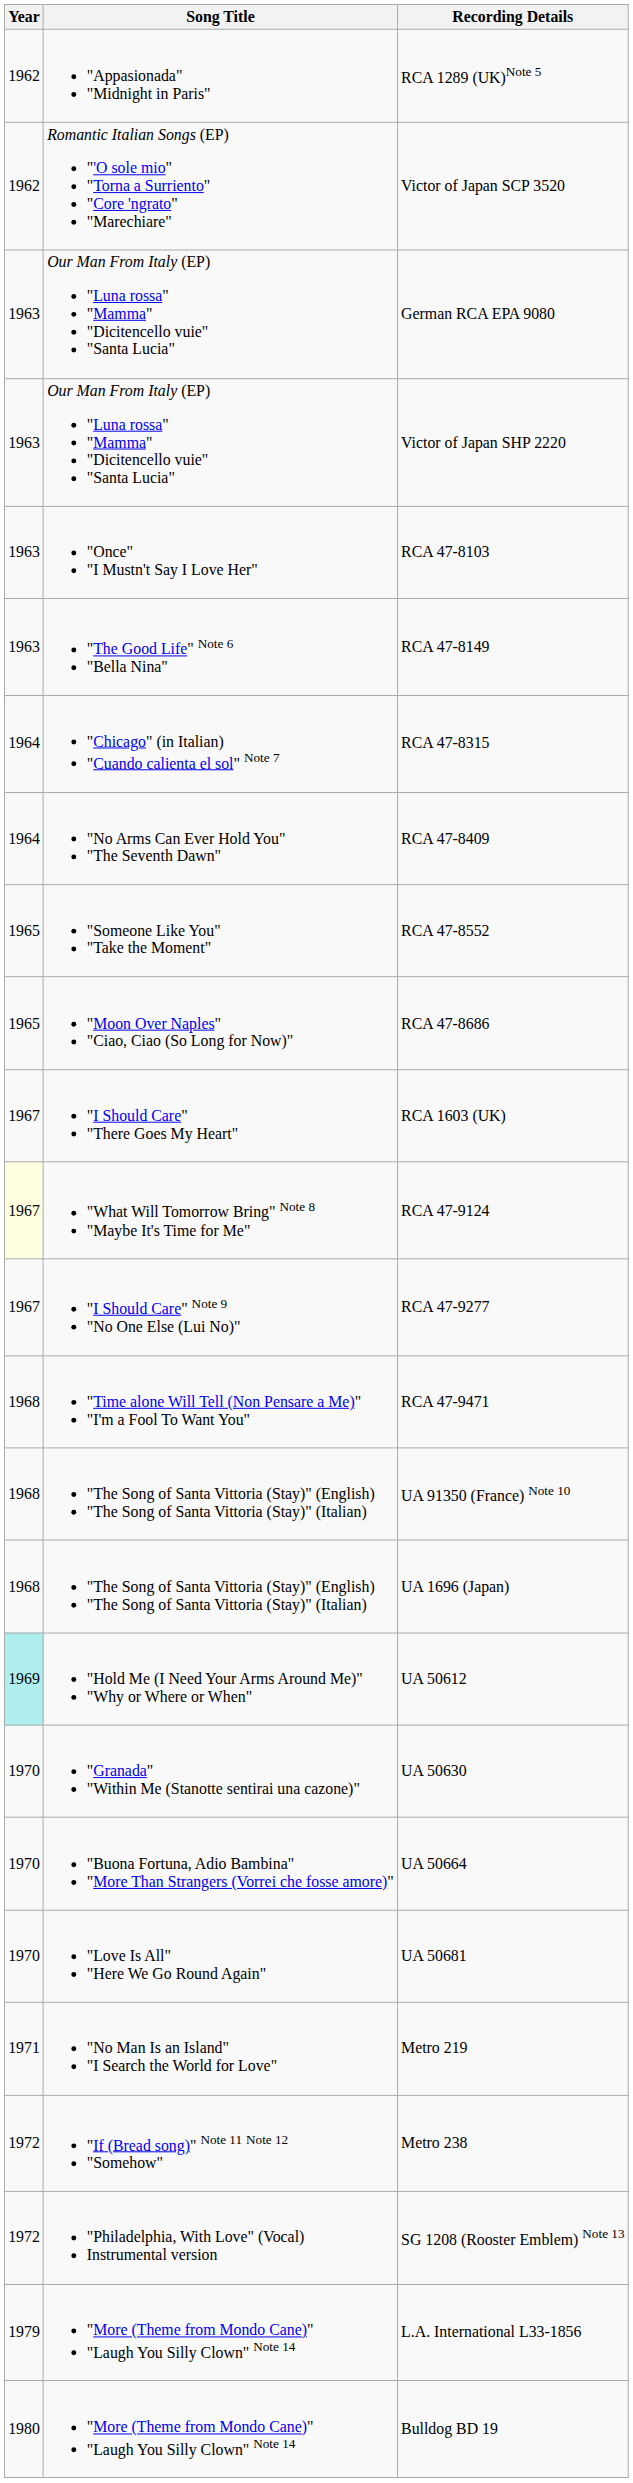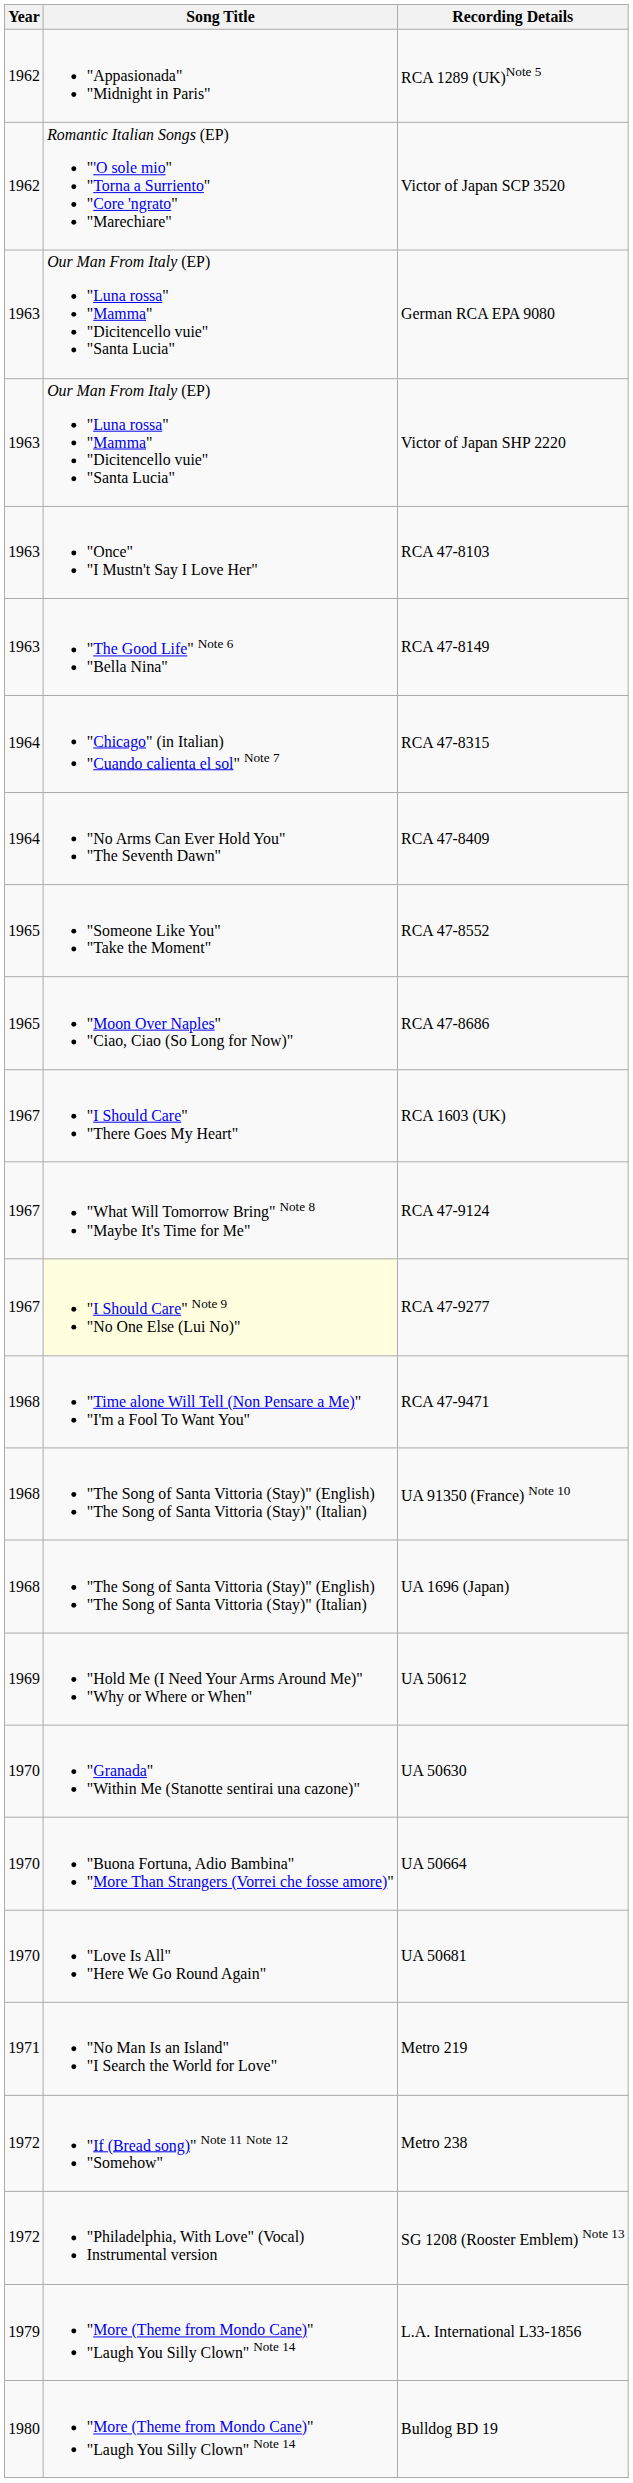 <table class="wikitable">
 <tr>
 <th><strong>Year</strong></th>
 <th><strong>Song Title</strong></th>
 <th><strong>Recording Details</strong></th>
 </tr>
 <tr>
 <td>1962</td>
 <td><br><ul><li>"Appasionada"</li><li>"Midnight in Paris"</li></ul></td>
 <td>RCA 1289 (UK)<sup>Note 5</sup></td>
 </tr>
 <tr>
 <td>1962</td>
 <td align=left><em>Romantic Italian Songs</em> (EP)<br><ul><li>"<a href='#'>'O sole mio</a>"</li><li>"<a href='#'>Torna a Surriento</a>"</li><li>"<a href='#'>Core 'ngrato</a>"</li><li>"Marechiare"</li></ul></td>
 <td>Victor of Japan SCP 3520</td>
 </tr>
 <tr>
 <td>1963</td>
 <td align=left><em>Our Man From Italy</em> (EP)<br><ul><li>"<a href='#'>Luna rossa</a>"</li><li>"<a href='#'>Mamma</a>"</li><li>"Dicitencello vuie"</li><li>"Santa Lucia"</li></ul></td>
 <td>German RCA EPA 9080</td>
 </tr>
 <tr>
 <td>1963</td>
 <td align=left><em>Our Man From Italy</em>  (EP)<br><ul><li>"<a href='#'>Luna rossa</a>"</li><li>"<a href='#'>Mamma</a>"</li><li>"Dicitencello vuie"</li><li>"Santa Lucia"</li></ul></td>
 <td>Victor of Japan SHP 2220</td>
 </tr>
 <tr>
 <td>1963</td>
 <td><br><ul><li>"Once"</li><li>"I Mustn't Say I Love Her"</li></ul></td>
 <td>RCA 47-8103</td>
 </tr>
 <tr>
 <td>1963</td>
 <td><br><ul><li>"<a href='#'>The Good Life</a>" <sup>Note 6</sup></li><li>"Bella Nina"</li></ul></td>
 <td>RCA 47-8149</td>
 </tr>
 <tr>
 <td>1964</td>
 <td><br><ul><li>"<a href='#'>Chicago</a>" (in Italian)</li><li>"<a href='#'>Cuando calienta el sol</a>" <sup>Note 7</sup></li></ul></td>
 <td>RCA 47-8315</td>
 </tr>
 <tr>
 <td>1964</td>
 <td><br><ul><li>"No Arms Can Ever Hold You"</li><li>"The Seventh Dawn"</li></ul></td>
 <td>RCA 47-8409</td>
 </tr>
 <tr>
 <td>1965</td>
 <td><br><ul><li>"Someone Like You"</li><li>"Take the Moment"</li></ul></td>
 <td>RCA 47-8552</td>
 </tr>
 <tr>
 <td>1965</td>
 <td><br><ul><li>"<a href='#'>Moon Over Naples</a>"</li><li>"Ciao, Ciao (So Long for Now)"</li></ul></td>
 <td>RCA 47-8686</td>
 </tr>
 <tr>
 <td>1967</td>
 <td><br><ul><li>"<a href='#'>I Should Care</a>"</li><li>"There Goes My Heart"</li></ul></td>
 <td>RCA 1603 (UK)</td>
 </tr>
 <tr>
-<td style="background: lightyellow;">1967</td>
+<td>1967</td>
 <td><br><ul><li>"What Will Tomorrow Bring" <sup>Note 8</sup></li><li>"Maybe It's Time for Me"</li></ul></td>
 <td>RCA 47-9124</td>
 </tr>
 <tr>
 <td>1967</td>
-<td><br><ul><li>"<a href='#'>I Should Care</a>" <sup>Note 9</sup></li><li>"No One Else (Lui No)"</li></ul></td>
+<td style="background: lightyellow;"><br><ul><li>"<a href='#'>I Should Care</a>" <sup>Note 9</sup></li><li>"No One Else (Lui No)"</li></ul></td>
 <td>RCA 47-9277</td>
 </tr>
 <tr>
 <td>1968</td>
 <td><br><ul><li>"<a href='#'>Time alone Will Tell (Non Pensare a Me)</a>"</li><li>"I'm a Fool To Want You"</li></ul></td>
 <td>RCA 47-9471</td>
 </tr>
 <tr>
 <td>1968</td>
 <td><br><ul><li>"The Song of Santa Vittoria (Stay)" (English)</li><li>"The Song of Santa Vittoria (Stay)" (Italian)</li></ul></td>
 <td>UA 91350 (France) <sup>Note 10</sup></td>
 </tr>
 <tr>
 <td>1968</td>
 <td><br><ul><li>"The Song of Santa Vittoria (Stay)" (English)</li><li>"The Song of Santa Vittoria (Stay)" (Italian)</li></ul></td>
 <td>UA 1696 (Japan)</td>
 </tr>
 <tr>
-<td style="background: paleturquoise;">1969</td>
+<td>1969</td>
 <td><br><ul><li>"Hold Me (I Need Your Arms Around Me)"</li><li>"Why or Where or When"</li></ul></td>
 <td>UA 50612</td>
 </tr>
 <tr>
 <td>1970</td>
 <td><br><ul><li>"<a href='#'>Granada</a>"</li><li>"Within Me (Stanotte sentirai una cazone)"</li></ul></td>
 <td>UA 50630</td>
 </tr>
 <tr>
 <td>1970</td>
 <td><br><ul><li>"Buona Fortuna, Adio Bambina"</li><li>"<a href='#'>More Than Strangers (Vorrei che fosse amore)</a>"</li></ul></td>
 <td>UA 50664</td>
 </tr>
 <tr>
 <td>1970</td>
 <td><br><ul><li>"Love Is All"</li><li>"Here We Go Round Again"</li></ul></td>
 <td>UA 50681</td>
 </tr>
 <tr>
 <td>1971</td>
 <td><br><ul><li>"No Man Is an Island"</li><li>"I Search the World for Love"</li></ul></td>
 <td>Metro 219</td>
 </tr>
 <tr>
 <td>1972</td>
 <td><br><ul><li>"<a href='#'>If (Bread song)</a>" <sup>Note 11</sup> <sup>Note 12</sup></li><li>"Somehow"</li></ul></td>
 <td>Metro 238</td>
 </tr>
 <tr>
 <td>1972</td>
 <td><br><ul><li>"Philadelphia, With Love" (Vocal)</li><li>Instrumental version</li></ul></td>
 <td>SG 1208 (Rooster Emblem) <sup>Note 13</sup></td>
 </tr>
 <tr>
 <td>1979</td>
 <td><br><ul><li>"<a href='#'>More (Theme from Mondo Cane)</a>"</li><li>"Laugh You Silly Clown" <sup>Note 14</sup></li></ul></td>
 <td>L.A. International L33-1856</td>
 </tr>
 <tr>
 <td>1980</td>
 <td><br><ul><li>"<a href='#'>More (Theme from Mondo Cane)</a>"</li><li>"Laugh You Silly Clown" <sup>Note 14</sup></li></ul></td>
 <td>Bulldog BD 19</td>
 </tr>
 <tr>
 </tr>
 </table>
